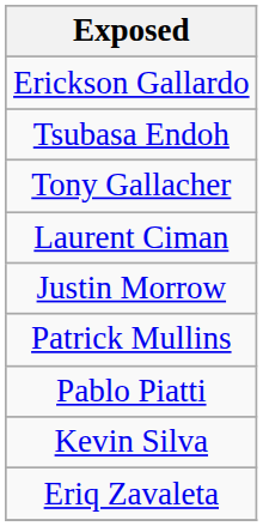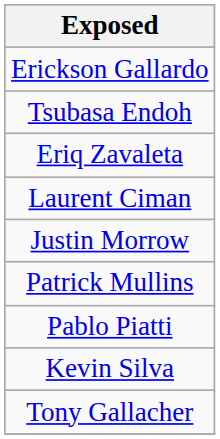 <table class="wikitable" style="text-align:center">
 <tr>
 <th>Exposed</th>
 </tr>
 <tr>
 <td><a href='#'>Erickson Gallardo</a></td>
 </tr>
 <tr>
 <td><a href='#'>Tsubasa Endoh</a></td>
 </tr>
 <tr>
-<td><a href='#'>Tony Gallacher</a></td>
+<td><a href='#'>Eriq Zavaleta</a></td>
 </tr>
 <tr>
 <td><a href='#'>Laurent Ciman</a></td>
 </tr>
 <tr>
 <td><a href='#'>Justin Morrow</a></td>
 </tr>
 <tr>
 <td><a href='#'>Patrick Mullins</a></td>
 </tr>
 <tr>
 <td><a href='#'>Pablo Piatti</a></td>
 </tr>
 <tr>
 <td><a href='#'>Kevin Silva</a></td>
 </tr>
 <tr>
-<td><a href='#'>Eriq Zavaleta</a></td>
+<td><a href='#'>Tony Gallacher</a></td>
 </tr>
 <tr>
 </tr>
 </table>
